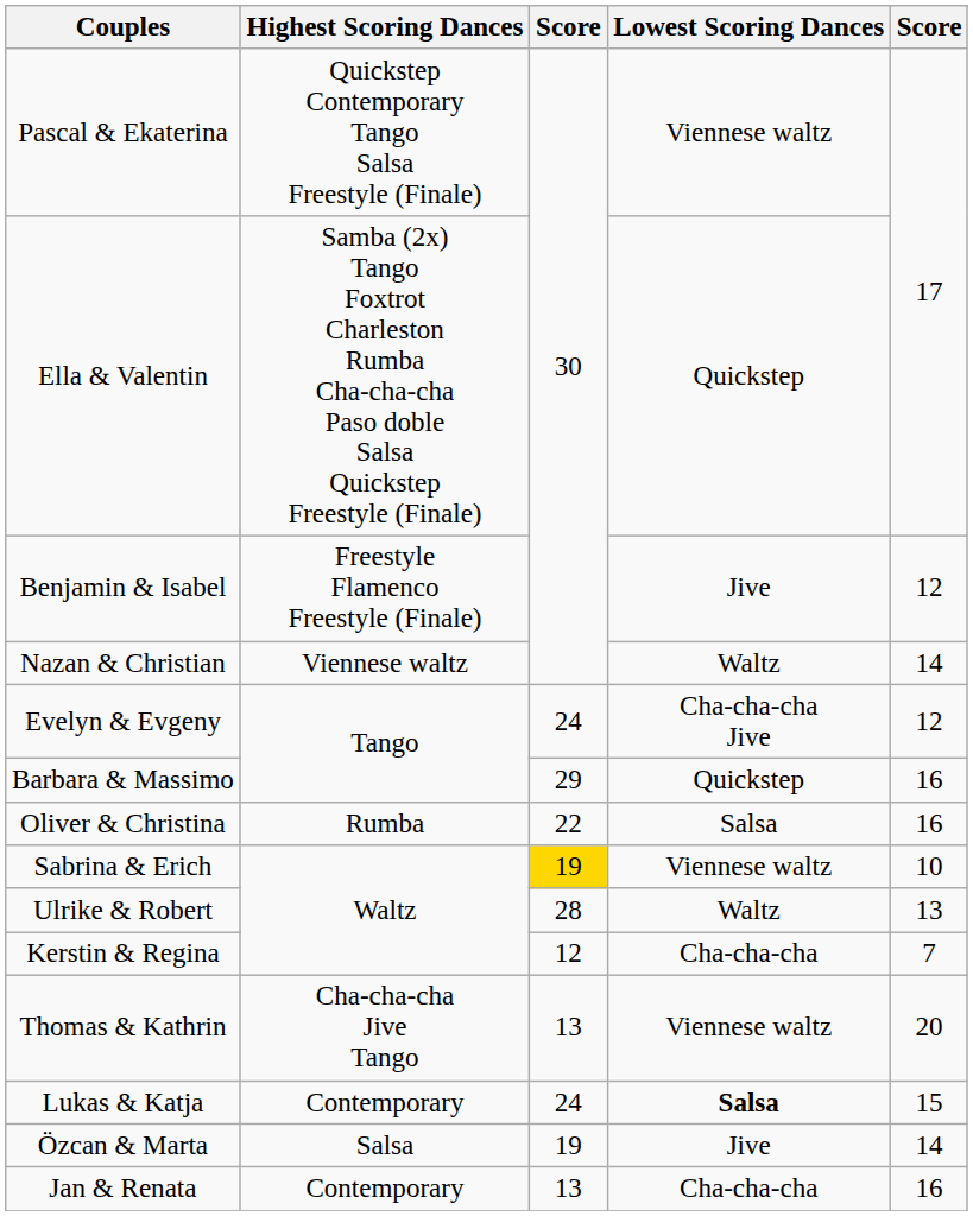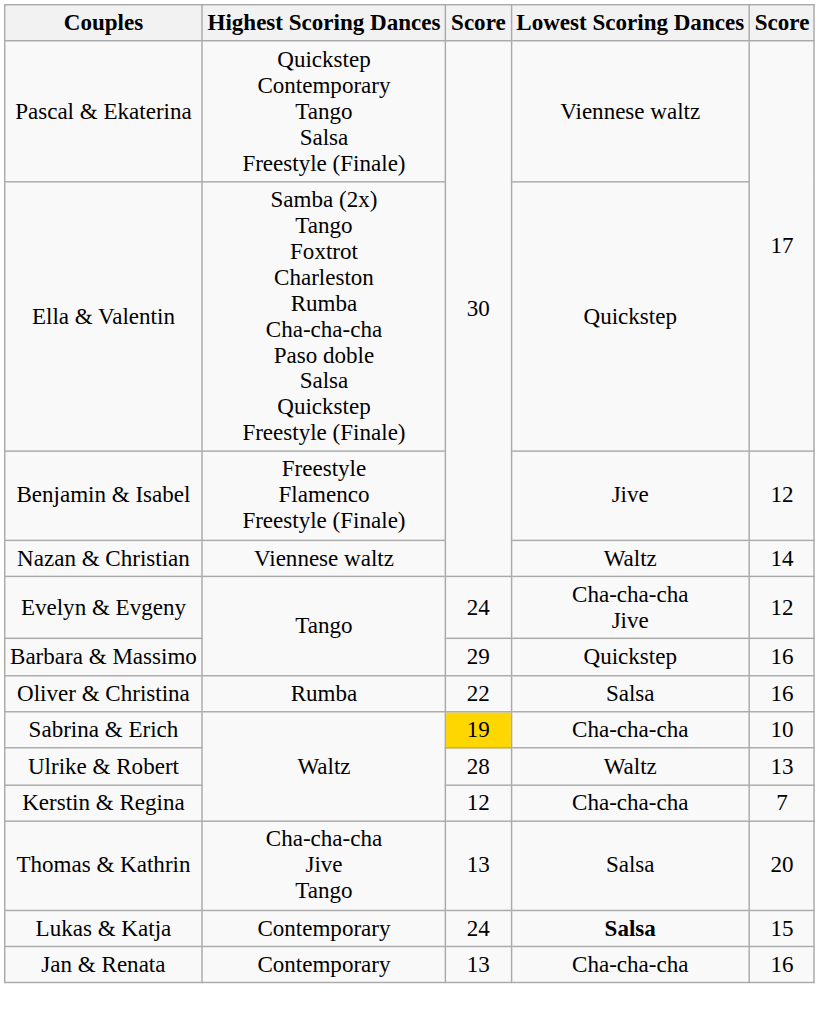 <table class="wikitable sortable" style="text-align:center;">
 <tr>
 <th>Couples</th>
 <th>Highest Scoring Dances</th>
 <th>Score</th>
 <th>Lowest Scoring Dances</th>
 <th>Score</th>
 </tr>
 <tr>
 <td>Pascal & Ekaterina</td>
 <td>Quickstep<br>Contemporary<br>Tango<br>Salsa<br>Freestyle (Finale)</td>
 <td rowspan="4">30</td>
 <td>Viennese waltz</td>
 <td rowspan="2">17</td>
 </tr>
 <tr>
 <td>Ella & Valentin</td>
 <td>Samba (2x)<br>Tango<br>Foxtrot<br>Charleston<br>Rumba<br>Cha-cha-cha<br>Paso doble<br>Salsa<br>Quickstep<br>Freestyle (Finale)</td>
 <td>Quickstep</td>
 </tr>
 <tr>
 <td>Benjamin & Isabel</td>
 <td>Freestyle<br>Flamenco<br>Freestyle (Finale)</td>
 <td>Jive</td>
 <td>12</td>
 </tr>
 <tr>
 <td>Nazan & Christian</td>
 <td>Viennese waltz</td>
 <td>Waltz</td>
 <td>14</td>
 </tr>
 <tr>
 <td>Evelyn & Evgeny</td>
 <td rowspan="2">Tango</td>
 <td>24</td>
 <td>Cha-cha-cha<br>Jive</td>
 <td>12</td>
 </tr>
 <tr>
 <td>Barbara & Massimo</td>
 <td>29</td>
 <td>Quickstep</td>
 <td>16</td>
 </tr>
 <tr>
 <td>Oliver & Christina</td>
 <td>Rumba</td>
 <td>22</td>
 <td>Salsa</td>
 <td>16</td>
 </tr>
 <tr>
 <td>Sabrina & Erich</td>
 <td rowspan="3">Waltz</td>
 <td style="background: gold;">19</td>
-<td>Viennese waltz</td>
+<td>Cha-cha-cha</td>
 <td>10</td>
 </tr>
 <tr>
 <td>Ulrike & Robert</td>
 <td>28</td>
 <td>Waltz</td>
 <td>13</td>
 </tr>
 <tr>
 <td>Kerstin & Regina</td>
 <td>12</td>
 <td>Cha-cha-cha</td>
 <td>7</td>
 </tr>
 <tr>
 <td>Thomas & Kathrin</td>
 <td>Cha-cha-cha<br>Jive<br>Tango</td>
 <td>13</td>
-<td>Viennese waltz</td>
+<td>Salsa</td>
 <td>20</td>
 </tr>
 <tr>
 <td>Lukas & Katja</td>
 <td>Contemporary</td>
 <td>24</td>
 <td><strong>Salsa</strong></td>
 <td>15</td>
 </tr>
 <tr>
-<td>Özcan & Marta</td>
-<td>Salsa</td>
-<td>19</td>
-<td>Jive</td>
-<td>14</td>
-</tr>
-<tr>
 <td>Jan & Renata</td>
 <td>Contemporary</td>
 <td>13</td>
 <td>Cha-cha-cha</td>
 <td>16</td>
 </tr>
 </table>
